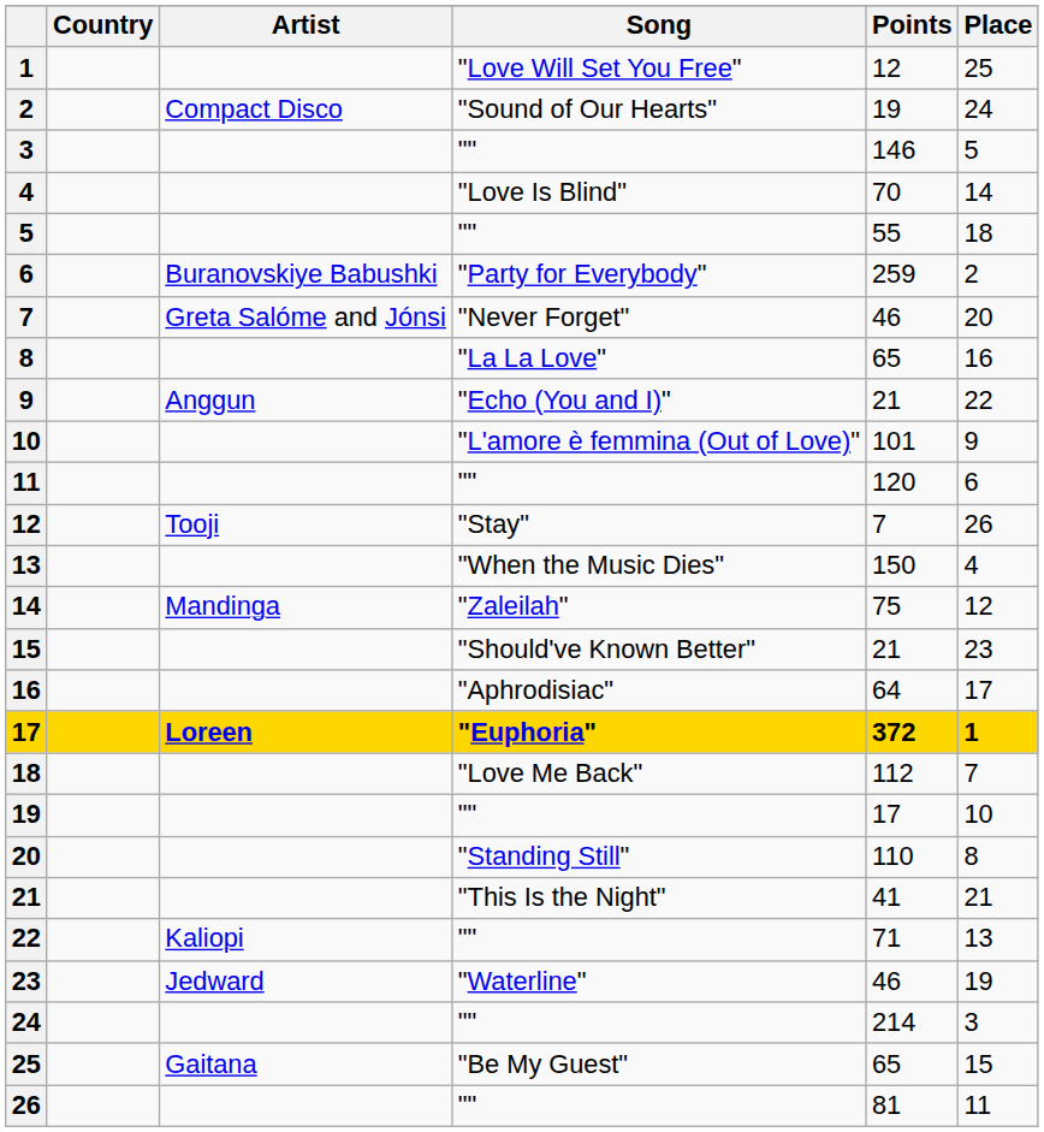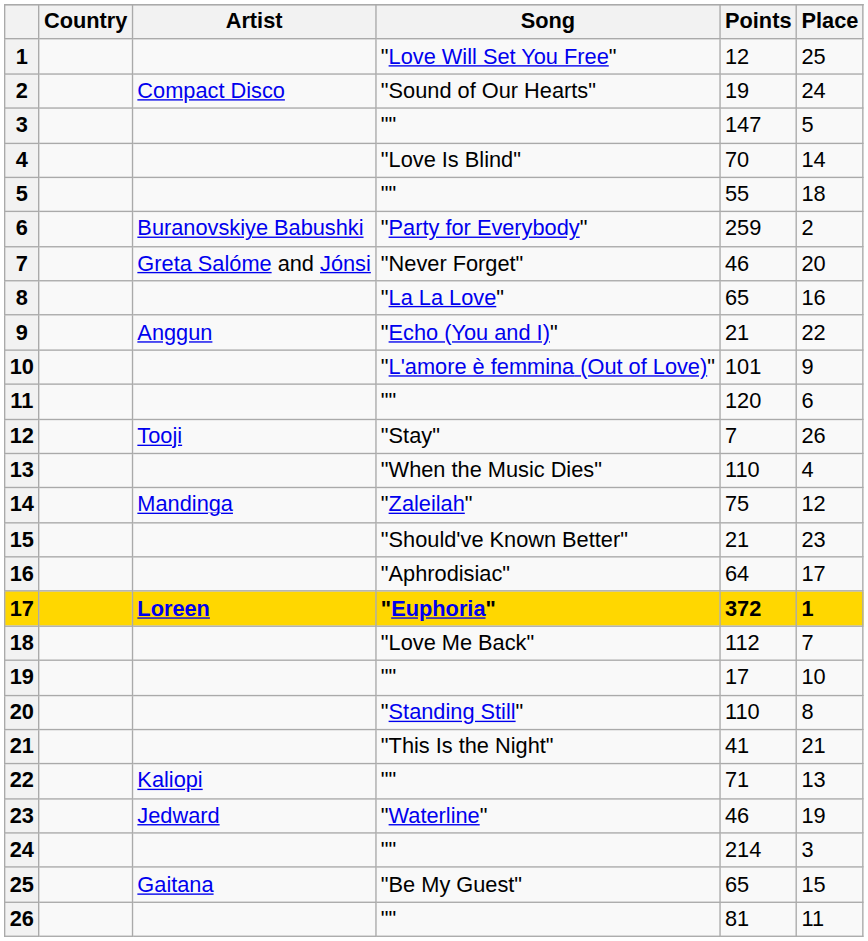 <table class="sortable wikitable plainrowheaders">
 <tr>
 </tr>
 <tr>
 <th scope="col"></th>
 <th scope="col">Country</th>
 <th scope="col">Artist</th>
 <th scope="col">Song</th>
 <th scope="col">Points</th>
 <th scope="col">Place</th>
 </tr>
 <tr>
 <th scope="row" style="text-align:center;">1</th>
 <td></td>
 <td></td>
 <td>"<a href='#'>Love Will Set You Free</a>"</td>
 <td>12</td>
 <td>25</td>
 </tr>
 <tr>
 <th scope="row" style="text-align:center;">2</th>
 <td></td>
 <td><a href='#'>Compact Disco</a></td>
 <td>"Sound of Our Hearts"</td>
 <td>19</td>
 <td>24</td>
 </tr>
 <tr>
 <th scope="row" style="text-align:center;">3</th>
 <td></td>
 <td></td>
 <td>""</td>
-<td>146</td>
+<td>147</td>
 <td>5</td>
 </tr>
 <tr>
 <th scope="row" style="text-align:center;">4</th>
 <td></td>
 <td></td>
 <td>"Love Is Blind"</td>
 <td>70</td>
 <td>14</td>
 </tr>
 <tr>
 <th scope="row" style="text-align:center;">5</th>
 <td></td>
 <td></td>
 <td>""</td>
 <td>55</td>
 <td>18</td>
 </tr>
 <tr>
 <th scope="row" style="text-align:center;">6</th>
 <td></td>
 <td><a href='#'>Buranovskiye Babushki</a></td>
 <td>"<a href='#'>Party for Everybody</a>"</td>
 <td>259</td>
 <td>2</td>
 </tr>
 <tr>
 <th scope="row" style="text-align:center;">7</th>
 <td></td>
 <td><a href='#'>Greta Salóme</a> and <a href='#'>Jónsi</a></td>
 <td>"Never Forget"</td>
 <td>46</td>
 <td>20</td>
 </tr>
 <tr>
 <th scope="row" style="text-align:center;">8</th>
 <td></td>
 <td></td>
 <td>"<a href='#'>La La Love</a>"</td>
 <td>65</td>
 <td>16</td>
 </tr>
 <tr>
 <th scope="row" style="text-align:center;">9</th>
 <td></td>
 <td><a href='#'>Anggun</a></td>
 <td>"<a href='#'>Echo (You and I)</a>"</td>
 <td>21</td>
 <td>22</td>
 </tr>
 <tr>
 <th scope="row" style="text-align:center;">10</th>
 <td></td>
 <td></td>
 <td>"<a href='#'><span>L'amore è femmina</span> (Out of Love)</a>"</td>
 <td>101</td>
 <td>9</td>
 </tr>
 <tr>
 <th scope="row" style="text-align:center;">11</th>
 <td></td>
 <td></td>
 <td>""</td>
 <td>120</td>
 <td>6</td>
 </tr>
 <tr>
 <th scope="row" style="text-align:center;">12</th>
 <td></td>
 <td><a href='#'>Tooji</a></td>
 <td>"Stay"</td>
 <td>7</td>
 <td>26</td>
 </tr>
 <tr>
 <th scope="row" style="text-align:center;">13</th>
 <td></td>
 <td></td>
 <td>"When the Music Dies"</td>
-<td>150</td>
+<td>110</td>
 <td>4</td>
 </tr>
 <tr>
 <th scope="row" style="text-align:center;">14</th>
 <td></td>
 <td><a href='#'>Mandinga</a></td>
 <td>"<a href='#'>Zaleilah</a>"</td>
 <td>75</td>
 <td>12</td>
 </tr>
 <tr>
 <th scope="row" style="text-align:center;">15</th>
 <td></td>
 <td></td>
 <td>"Should've Known Better"</td>
 <td>21</td>
 <td>23</td>
 </tr>
 <tr>
 <th scope="row" style="text-align:center;">16</th>
 <td></td>
 <td></td>
 <td>"Aphrodisiac"</td>
 <td>64</td>
 <td>17</td>
 </tr>
 <tr style="font-weight:bold; background:gold;">
 <th scope="row" style="text-align:center; font-weight:bold; background:gold;">17</th>
 <td></td>
 <td><a href='#'>Loreen</a></td>
 <td>"<a href='#'>Euphoria</a>"</td>
 <td>372</td>
 <td>1</td>
 </tr>
 <tr>
 <th scope="row" style="text-align:center;">18</th>
 <td></td>
 <td></td>
 <td>"Love Me Back"</td>
 <td>112</td>
 <td>7</td>
 </tr>
 <tr>
 <th scope="row" style="text-align:center;">19</th>
 <td></td>
 <td></td>
 <td>""</td>
 <td>17</td>
 <td>10</td>
 </tr>
 <tr>
 <th scope="row" style="text-align:center;">20</th>
 <td></td>
 <td></td>
 <td>"<a href='#'>Standing Still</a>"</td>
 <td>110</td>
 <td>8</td>
 </tr>
 <tr>
 <th scope="row" style="text-align:center;">21</th>
 <td></td>
 <td></td>
 <td>"This Is the Night"</td>
 <td>41</td>
 <td>21</td>
 </tr>
 <tr>
 <th scope="row" style="text-align:center;">22</th>
 <td></td>
 <td><a href='#'>Kaliopi</a></td>
 <td>""</td>
 <td>71</td>
 <td>13 </td>
 </tr>
 <tr>
 <th scope="row" style="text-align:center;">23</th>
 <td></td>
 <td><a href='#'>Jedward</a></td>
 <td>"<a href='#'>Waterline</a>"</td>
 <td>46</td>
 <td>19</td>
 </tr>
 <tr>
 <th scope="row" style="text-align:center;">24</th>
 <td></td>
 <td></td>
 <td>""</td>
 <td>214</td>
 <td>3</td>
 </tr>
 <tr>
 <th scope="row" style="text-align:center;">25</th>
 <td></td>
 <td><a href='#'>Gaitana</a></td>
 <td>"Be My Guest"</td>
 <td>65</td>
 <td>15</td>
 </tr>
 <tr>
 <th scope="row" style="text-align:center;">26</th>
 <td></td>
 <td></td>
 <td>""</td>
 <td>81</td>
 <td>11</td>
 </tr>
 </table>
